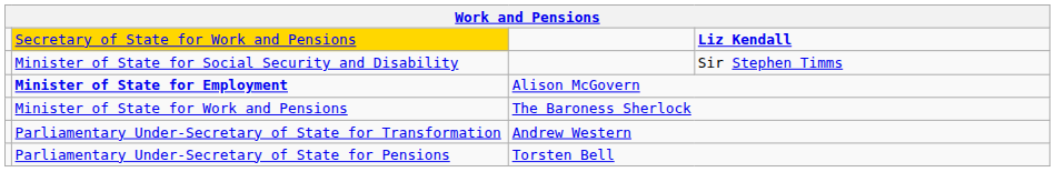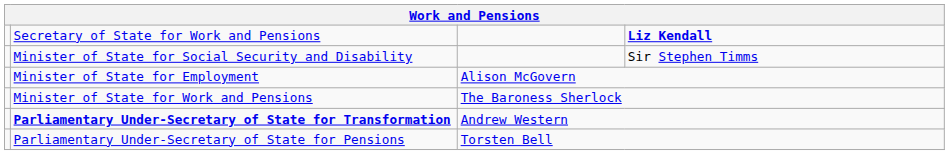 <table class="wikitable">
 <tr>
 <th colspan="4"><a href='#'>Work and Pensions</a></th>
 </tr>
 <tr>
 <td style="background: "></td>
-<td style="background: gold; width: 450px;"><a href='#'>Secretary of State for Work and Pensions</a></td>
+<td style="width: 450px;"><a href='#'>Secretary of State for Work and Pensions</a></td>
 <td style="background: "></td>
 <td colspan="2" style="width: 320px;"><strong><a href='#'>Liz Kendall</a></strong></td>
 </tr>
 <tr>
 <td style="background: "></td>
 <td><a href='#'>Minister of State for Social Security and Disability</a></td>
 <td style="background: "></td>
 <td colspan="2">Sir <a href='#'>Stephen Timms</a></td>
 </tr>
 <tr>
 <td style="background: "></td>
-<td><strong><a href='#'>Minister of State for Employment</a></strong></td>
+<td><a href='#'>Minister of State for Employment</a></td>
 <td colspan="2"><a href='#'>Alison McGovern</a></td>
 </tr>
 <tr>
 <td style="background: "></td>
 <td><a href='#'>Minister of State for Work and Pensions</a></td>
 <td colspan="2"><a href='#'>The Baroness Sherlock</a> </td>
 </tr>
 <tr>
 <td style="background: "></td>
-<td><a href='#'>Parliamentary Under-Secretary of State for Transformation</a></td>
+<td><strong><a href='#'>Parliamentary Under-Secretary of State for Transformation</a></strong></td>
 <td colspan="2"><a href='#'>Andrew Western</a></td>
 </tr>
 <tr>
 <td style="background: "></td>
 <td><a href='#'>Parliamentary Under-Secretary of State for Pensions</a></td>
 <td colspan="2"><a href='#'>Torsten Bell</a><br></td>
 </tr>
 </table>
